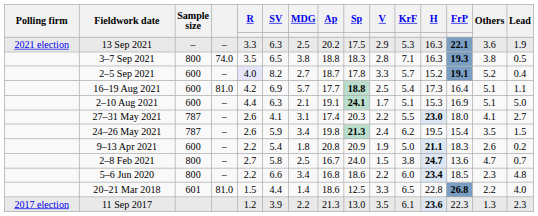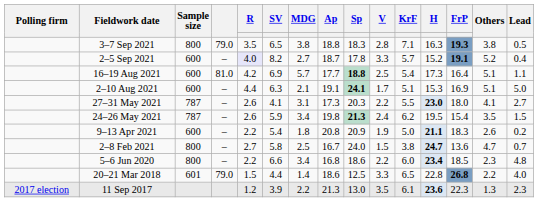 <table class="wikitable mw-collapsible sortable" style="text-align:center;font-size:90%;line-height:14px;">
 <tr style="height:40px;">
 <th rowspan="2" style="width:100px;">Polling firm</th>
 <th rowspan="2" style="width:130px;">Fieldwork date</th>
 <th rowspan="2" style="width:35px;">Sample<br>size</th>
 <th rowspan="2" style="width:30px;"></th>
 <th class="unsortable" style="width:30px;"><a href='#'>R</a></th>
 <th class="unsortable" style="width:30px;"><a href='#'>SV</a></th>
 <th class="unsortable" style="width:30px;"><a href='#'>MDG</a></th>
 <th class="unsortable" style="width:30px;"><a href='#'>Ap</a></th>
 <th class="unsortable" style="width:30px;"><a href='#'>Sp</a></th>
 <th class="unsortable" style="width:30px;"><a href='#'>V</a></th>
 <th class="unsortable" style="width:30px;"><a href='#'>KrF</a></th>
 <th class="unsortable" style="width:30px;"><a href='#'>H</a></th>
 <th class="unsortable" style="width:30px;"><a href='#'>FrP</a></th>
 <th class="unsortable" style="width:20px;" rowspan="2">Others</th>
 <th rowspan="2" style="width:30px;">Lead</th>
 </tr>
 <tr>
 <th style="background:"></th>
 <th style="background:"></th>
 <th style="background:"></th>
 <th style="background:"></th>
 <th style="background:"></th>
 <th style="background:"></th>
 <th style="background:"></th>
 <th style="background:"></th>
 <th style="background:"></th>
 </tr>
-<tr style="background:#E9E9E9;">
-<td><a href='#'>2021 election</a></td>
-<td>13 Sep 2021</td>
-<td>–</td>
-<td>–</td>
-<td>3.3</td>
-<td>6.3</td>
-<td>2.5</td>
-<td>20.2</td>
-<td>17.5</td>
-<td>2.9</td>
-<td>5.3</td>
-<td>16.3</td>
-<td style="background:#7a9ec2;"><strong>22.1</strong></td>
-<td>3.6</td>
-<td style="background:">1.9</td>
-</tr>
 <tr>
 <td></td>
 <td>3–7 Sep 2021</td>
 <td>800</td>
-<td>74.0</td>
+<td>79.0</td>
 <td>3.5</td>
 <td>6.5</td>
 <td>3.8</td>
 <td>18.8</td>
 <td>18.3</td>
 <td>2.8</td>
 <td>7.1</td>
 <td>16.3</td>
 <td style="background:#7a9ec2;"><strong>19.3</strong></td>
 <td>3.8</td>
 <td style="background:">0.5</td>
 </tr>
 <tr>
 <td></td>
 <td>2–5 Sep 2021</td>
 <td>600</td>
 <td>–</td>
 <td style="background: lavender;">4.0</td>
 <td>8.2</td>
 <td>2.7</td>
 <td>18.7</td>
 <td>17.8</td>
 <td>3.3</td>
 <td>5.7</td>
 <td>15.2</td>
 <td style="background:#7a9ec2;"><strong>19.1</strong></td>
 <td>5.2</td>
 <td style="background:">0.4</td>
 </tr>
 <tr>
 <td></td>
 <td>16–19 Aug 2021</td>
 <td>600</td>
 <td>81.0</td>
 <td>4.2</td>
 <td>6.9</td>
 <td>5.7</td>
 <td>17.7</td>
 <td style="background:#BADECC;"><strong>18.8</strong></td>
 <td>2.5</td>
 <td>5.4</td>
 <td>17.3</td>
 <td>16.4</td>
 <td>5.1</td>
 <td style="background:">1.1</td>
 </tr>
 <tr>
 <td></td>
 <td>2–10 Aug 2021</td>
 <td>600</td>
 <td>–</td>
 <td>4.4</td>
 <td>6.3</td>
 <td>2.1</td>
 <td>19.1</td>
 <td style="background:#BADECC;"><strong>24.1</strong></td>
 <td>1.7</td>
 <td>5.1</td>
 <td>15.3</td>
 <td>16.9</td>
 <td>5.1</td>
 <td style="background:">5.0</td>
 </tr>
 <tr>
 <td></td>
 <td>27–31 May 2021</td>
 <td>787</td>
 <td>–</td>
 <td>2.6</td>
 <td>4.1</td>
 <td>3.1</td>
-<td>17.4</td>
+<td>17.3</td>
 <td>20.3</td>
 <td>2.2</td>
 <td>5.5</td>
 <td style="background:#DCE7F3;"><strong>23.0</strong></td>
 <td>18.0</td>
 <td>4.1</td>
 <td style="background:">2.7</td>
 </tr>
 <tr>
 <td></td>
 <td>24–26 May 2021</td>
 <td>787</td>
 <td>–</td>
 <td>2.6</td>
 <td>5.9</td>
 <td>3.4</td>
 <td>19.8</td>
 <td style="background:#BADECC;"><strong>21.3</strong></td>
 <td>2.4</td>
 <td>6.2</td>
 <td>19.5</td>
 <td>15.4</td>
 <td>3.5</td>
 <td style="background:">1.5</td>
 </tr>
 <tr>
 <td></td>
 <td>9–13 Apr 2021</td>
 <td>600</td>
 <td>–</td>
 <td>2.2</td>
 <td>5.4</td>
 <td>1.8</td>
 <td>20.8</td>
 <td>20.9</td>
 <td>1.9</td>
 <td>5.0</td>
 <td style="background:#DCE7F3;"><strong>21.1</strong></td>
 <td>18.3</td>
 <td>2.6</td>
 <td style="background:">0.2</td>
 </tr>
 <tr>
 <td></td>
 <td data-sort-value="2017-12-20">2–8 Feb 2021</td>
 <td>800</td>
 <td>–</td>
 <td>2.7</td>
 <td>5.8</td>
 <td>2.5</td>
 <td>16.7</td>
 <td>24.0</td>
 <td>1.5</td>
 <td>3.8</td>
 <td style="background:#DCE7F3;"><strong>24.7</strong></td>
 <td>13.6</td>
 <td>4.7</td>
 <td style="background:">0.7</td>
 </tr>
 <tr>
 <td></td>
 <td>5–6 Jun 2020</td>
 <td>800</td>
 <td>–</td>
 <td>2.2</td>
 <td>6.6</td>
 <td>3.4</td>
 <td>16.8</td>
 <td>18.6</td>
 <td>2.2</td>
 <td>6.0</td>
 <td style="background:#DCE7F3;"><strong>23.4</strong></td>
 <td>18.5</td>
 <td>2.3</td>
 <td style="background:">4.8</td>
 </tr>
 <tr>
 <td></td>
 <td>20–21 Mar 2018</td>
 <td>601</td>
-<td>81.0</td>
+<td>79.0</td>
 <td>1.5</td>
 <td>4.4</td>
 <td>1.4</td>
 <td>18.6</td>
 <td>12.5</td>
 <td>3.3</td>
 <td>6.5</td>
 <td>22.8</td>
 <td style="background:#7a9ec2"><strong>26.8</strong></td>
 <td>2.2</td>
 <td style="background:">4.0</td>
 </tr>
 <tr style="background:#E9E9E9;">
 <td><a href='#'>2017 election</a></td>
 <td>11 Sep 2017</td>
 <td></td>
 <td></td>
 <td>1.2</td>
 <td>3.9</td>
 <td>2.2</td>
 <td>21.3</td>
 <td>13.0</td>
 <td>3.5</td>
 <td>6.1</td>
 <td style="background:#DCE7F3;"><strong>23.6</strong></td>
 <td>22.3</td>
 <td>1.3</td>
 <td style="background:">2.3</td>
 </tr>
 </table>
